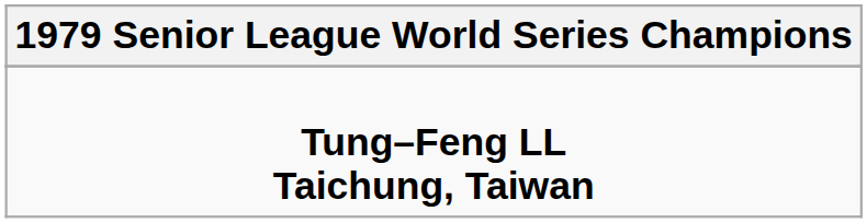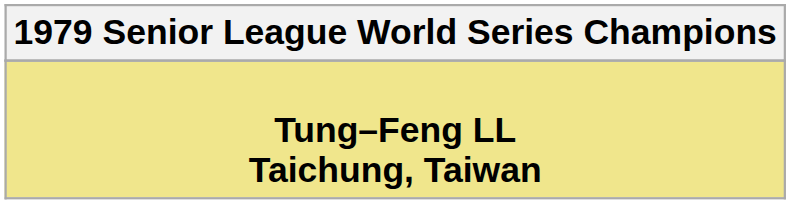 <table class="wikitable" style="text-align: center; margin: 0 auto;">
 <tr>
 <th>1979 Senior League World Series Champions</th>
 </tr>
 <tr>
 </tr>
 <tr>
-<td><br><strong>Tung–Feng LL</strong><br><strong>Taichung, Taiwan</strong></td>
+<td style="background: khaki;"><br><strong>Tung–Feng LL</strong><br><strong>Taichung, Taiwan</strong></td>
 </tr>
 </table>
